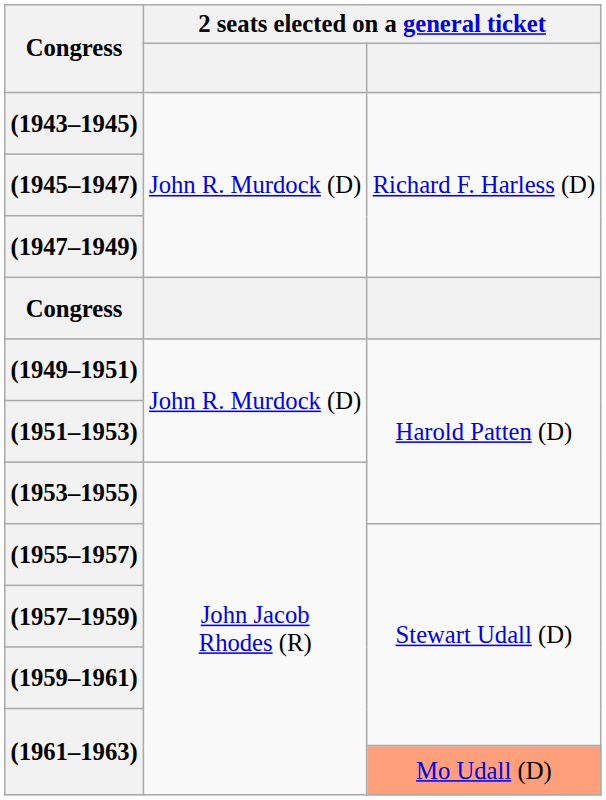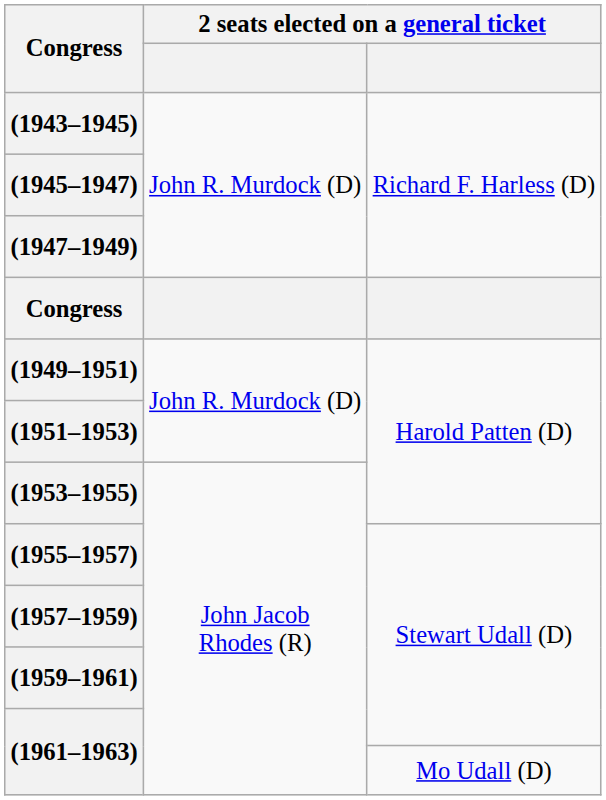 <table class=wikitable style="text-align:center">
 <tr>
 <th scope="col" rowspan=2>Congress</th>
 <th scope="colgroup" colspan=2>2 seats elected on a <a href='#'>general ticket</a></th>
 </tr>
 <tr style="height:2em">
 <th scope="col"></th>
 <th scope="col"></th>
 </tr>
 <tr style="height:2.5em">
 <th scope="row"> (1943–1945)</th>
 <td rowspan=3 ><a href='#'>John R. Murdock</a> (D)</td>
 <td rowspan=3 ><a href='#'>Richard F. Harless</a> (D)</td>
 </tr>
 <tr style="height:2.5em">
 <th scope="row"> (1945–1947)</th>
 </tr>
 <tr style="height:2.5em">
 <th scope="row"> (1947–1949)</th>
 </tr>
 <tr style="height:2.5em">
 <th>Congress</th>
 <th scope="col"></th>
 <th scope="col"></th>
 </tr>
 <tr style="height:2.5em">
 <th scope="row"> (1949–1951)</th>
 <td rowspan=2 ><a href='#'>John R. Murdock</a> (D)</td>
 <td rowspan=3 ><a href='#'>Harold Patten</a> (D)</td>
 </tr>
 <tr style="height:2.5em">
 <th scope="row"> (1951–1953)</th>
 </tr>
 <tr style="height:2.5em">
 <th scope="row"> (1953–1955)</th>
 <td rowspan=6 ><a href='#'>John Jacob<br>Rhodes</a> (R)</td>
 </tr>
 <tr style="height:2.5em">
 <th scope="row"> (1955–1957)</th>
 <td rowspan=4 ><a href='#'>Stewart Udall</a> (D)</td>
 </tr>
 <tr style="height:2.5em">
 <th scope="row"> (1957–1959)</th>
 </tr>
 <tr style="height:2.5em">
 <th scope="row"> (1959–1961)</th>
 </tr>
 <tr style="height:1.5em">
 <th scope="row" rowspan=2> (1961–1963)</th>
 </tr>
 <tr style="height:2em">
-<td style="background: lightsalmon;"><a href='#'>Mo Udall</a> (D)</td>
+<td><a href='#'>Mo Udall</a> (D)</td>
 </tr>
 </table>
